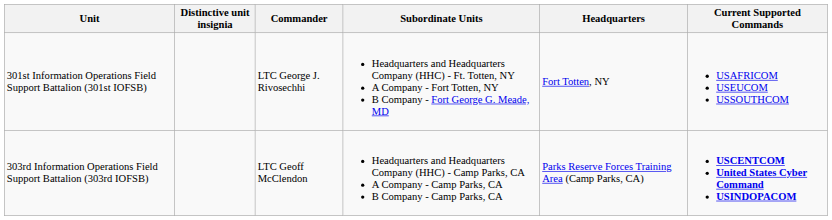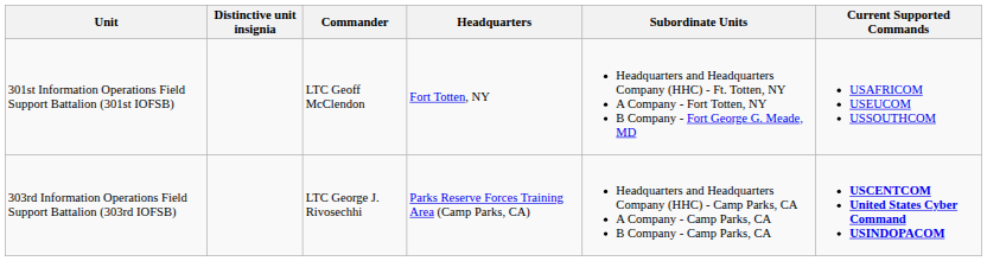 <table class="wikitable">
 <tr>
 <th>Unit</th>
 <th>Distinctive unit insignia</th>
 <th>Commander</th>
+<th>Headquarters</th>
 <th>Subordinate Units</th>
-<th>Headquarters</th>
 <th>Current Supported Commands</th>
 </tr>
 <tr>
 <td>301st Information Operations Field Support Battalion (301st IOFSB)</td>
 <td></td>
-<td>LTC George J. Rivosechhi</td>
+<td>LTC Geoff McClendon</td>
+<td><a href='#'>Fort Totten</a>, NY</td>
 <td><br><ul><li>Headquarters and Headquarters Company (HHC) - Ft. Totten, NY</li><li>A Company - Fort Totten, NY</li><li>B Company - <a href='#'>Fort George G. Meade, MD</a></li></ul></td>
-<td><a href='#'>Fort Totten</a>, NY</td>
 <td><br><ul><li><a href='#'>USAFRICOM</a></li><li><a href='#'>USEUCOM</a></li><li><a href='#'>USSOUTHCOM</a></li></ul></td>
 </tr>
 <tr>
 <td>303rd Information Operations Field Support Battalion (303rd IOFSB)</td>
 <td></td>
-<td>LTC Geoff McClendon</td>
+<td>LTC George J. Rivosechhi</td>
+<td><a href='#'>Parks Reserve Forces Training Area</a> (Camp Parks, CA)</td>
 <td><br><ul><li>Headquarters and Headquarters Company (HHC) - Camp Parks, CA</li><li>A Company - Camp Parks, CA</li><li>B Company - Camp Parks, CA</li></ul></td>
-<td><a href='#'>Parks Reserve Forces Training Area</a> (Camp Parks, CA)</td>
 <td><strong><br><ul><li><a href='#'>USCENTCOM</a></li><li><a href='#'>United States Cyber Command</a></li><li><a href='#'>USINDOPACOM</a></li></ul></strong></td>
 </tr>
 </table>
